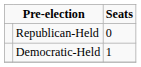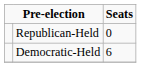 <table class= "wikitable">
 <tr>
 <td colspan= "2" rowspan= "1" align= "center" valign= "top"><strong>Pre-election</strong></td>
 <td valign= "top"><strong>Seats</strong><br></td>
 </tr>
 <tr>
 <td style="background-color:"> </td>
 <td>Republican-Held</td>
 <td>0</td>
 </tr>
 <tr>
 <td style="background-color:"> </td>
 <td>Democratic-Held</td>
-<td>1</td>
+<td>6</td>
 </tr>
 <tr>
 </tr>
 </table>
